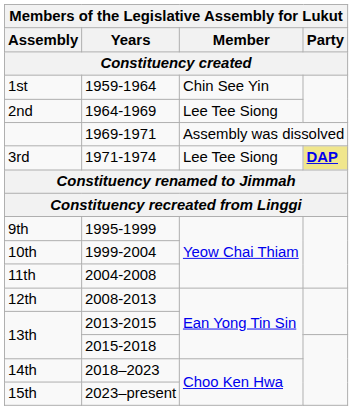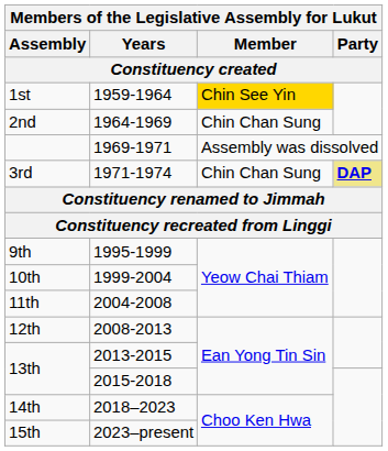 <table class=wikitable>
 <tr>
 <th colspan=4>Members of the Legislative Assembly for Lukut</th>
 </tr>
 <tr>
 <th>Assembly</th>
 <th>Years</th>
 <th>Member</th>
 <th>Party</th>
 </tr>
 <tr>
 <th colspan=4 align=center><em>Constituency created</em></th>
 </tr>
 <tr>
 <td>1st</td>
 <td>1959-1964</td>
-<td>Chin See Yin</td>
+<td style="background: gold;">Chin See Yin</td>
 <td rowspan="2"></td>
 </tr>
 <tr>
 <td>2nd</td>
 <td>1964-1969</td>
-<td>Lee Tee Siong</td>
+<td>Chin Chan Sung</td>
 </tr>
 <tr>
 <td></td>
 <td>1969-1971</td>
 <td colspan="2">Assembly was dissolved</td>
 </tr>
 <tr>
 <td>3rd</td>
 <td>1971-1974</td>
-<td>Lee Tee Siong</td>
+<td>Chin Chan Sung</td>
 <td style="background: khaki;"><strong><a href='#'>DAP</a></strong></td>
 </tr>
 <tr>
 <th colspan="4"><em>Constituency renamed to Jimmah</em></th>
 </tr>
 <tr>
 <th colspan="4"><em>Constituency recreated from Linggi</em></th>
 </tr>
 <tr>
 <td>9th</td>
 <td>1995-1999</td>
 <td rowspan="3"><a href='#'>Yeow Chai Thiam</a></td>
 <td rowspan="3"></td>
 </tr>
 <tr>
 <td>10th</td>
 <td>1999-2004</td>
 </tr>
 <tr>
 <td>11th</td>
 <td>2004-2008</td>
 </tr>
 <tr>
 <td>12th</td>
 <td>2008-2013</td>
 <td rowspan=3><a href='#'>Ean Yong Tin Sin</a></td>
 <td rowspan="2"></td>
 </tr>
 <tr>
 <td rowspan=2>13th</td>
 <td>2013-2015</td>
 </tr>
 <tr>
 <td>2015-2018</td>
 <td rowspan=3></td>
 </tr>
 <tr>
 <td>14th</td>
 <td>2018–2023</td>
 <td rowspan="2"><a href='#'>Choo Ken Hwa</a></td>
 </tr>
 <tr>
 <td>15th</td>
 <td>2023–present</td>
 </tr>
 </table>
